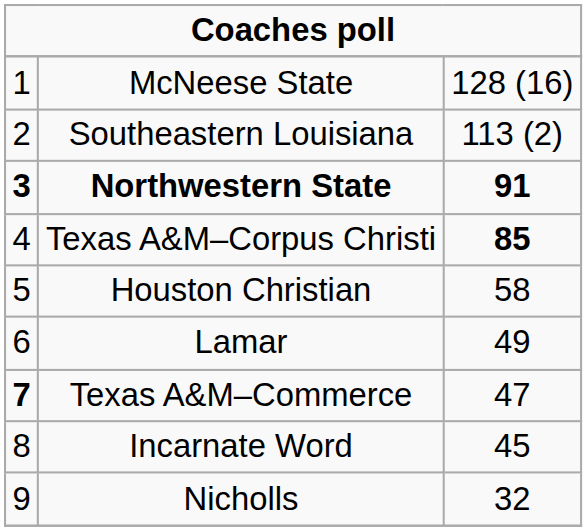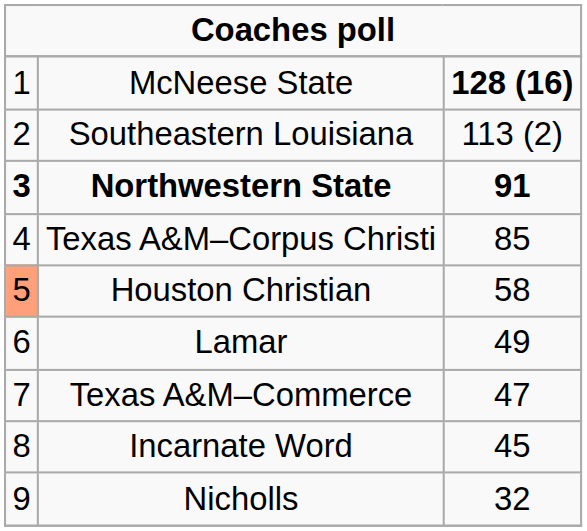 <table class="wikitable">
 <tr align="center">
 <td align="center" Colspan="3"><strong>Coaches poll</strong></td>
 </tr>
 <tr align="center">
 </tr>
 <tr align="center">
 <td>1</td>
 <td>McNeese State</td>
-<td>128 (16)</td>
+<td><strong>128 (16)</strong></td>
 </tr>
 <tr align="center">
 <td>2</td>
 <td>Southeastern Louisiana</td>
 <td>113 (2)</td>
 </tr>
 <tr align="center">
 <td><strong>3</strong></td>
 <td><strong>Northwestern State</strong></td>
 <td><strong>91</strong></td>
 </tr>
 <tr align="center">
 <td>4</td>
 <td>Texas A&M–Corpus Christi</td>
-<td><strong>85</strong></td>
+<td>85</td>
 </tr>
 <tr align="center">
-<td>5</td>
+<td style="background: lightsalmon;">5</td>
 <td>Houston Christian</td>
 <td>58</td>
 </tr>
 <tr align="center">
 <td>6</td>
 <td>Lamar</td>
 <td>49</td>
 </tr>
 <tr align="center">
-<td><strong>7</strong></td>
+<td>7</td>
 <td>Texas A&M–Commerce</td>
 <td>47</td>
 </tr>
 <tr align="center">
 <td>8</td>
 <td>Incarnate Word</td>
 <td>45</td>
 </tr>
 <tr align="center">
 <td>9</td>
 <td>Nicholls</td>
 <td>32</td>
 </tr>
 <tr align="center">
 </tr>
 </table>
